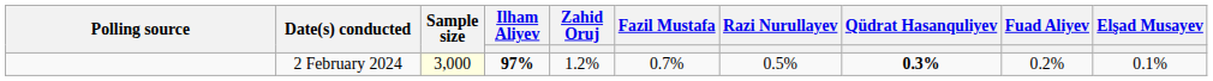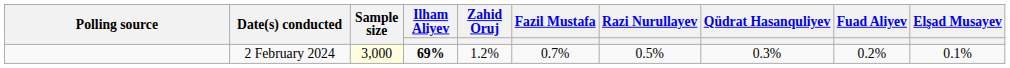 <table class="wikitable" style="text-align: center; font-size:90%; line-height:14px;">
 <tr>
 <th rowspan="2" style="width:230px;">Polling source</th>
 <th rowspan="2" style="width:120px;">Date(s) conducted</th>
 <th rowspan="2" style="width:50px;">Sample size</th>
 <th style="width:50px;"><a href='#'>Ilham Aliyev</a></th>
 <th style="width:50px;"><a href='#'>Zahid Oruj</a></th>
 <th><a href='#'>Fazil Mustafa</a></th>
 <th><a href='#'>Razi Nurullayev</a></th>
 <th><a href='#'>Qüdrat Hasanquliyev</a></th>
 <th><a href='#'>Fuad Aliyev</a></th>
 <th><a href='#'>Elşad Musayev</a></th>
 </tr>
 <tr>
 <th style="background:"></th>
 <th style="background:"></th>
 <th style="background:"></th>
 <th style="background:"></th>
 <th style="background:"></th>
 <th style="background:"></th>
 <th style="background:"></th>
 </tr>
 <tr>
 <td></td>
 <td>2 February 2024</td>
 <td style="background: lightyellow;">3,000</td>
-<td><strong>97%</strong></td>
+<td><strong>69%</strong></td>
 <td>1.2%</td>
 <td>0.7%</td>
 <td>0.5%</td>
-<td><strong>0.3%</strong></td>
+<td>0.3%</td>
 <td>0.2%</td>
 <td>0.1%</td>
 </tr>
 </table>
